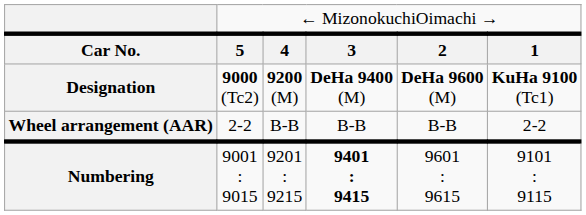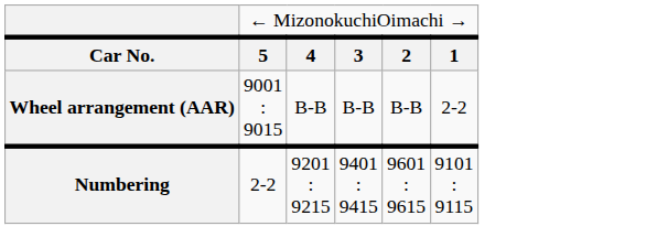 <table class="wikitable" style="text-align:center">
 <tr style="border-bottom: 4px solid ">
 <th></th>
 <td colspan="5"><span>← Mizonokuchi</span><span>Oimachi →</span></td>
 </tr>
 <tr>
 <th>Car No.</th>
 <th>5</th>
 <th>4</th>
 <th>3</th>
 <th>2</th>
 <th>1</th>
 </tr>
 <tr>
-<th>Designation</th>
-<td><strong> 9000</strong><br>(Tc2)</td>
-<td><strong> 9200</strong><br>(M)</td>
-<td><strong>DeHa 9400</strong><br>(M)</td>
-<td><strong>DeHa 9600</strong><br>(M)</td>
-<td><strong>KuHa 9100</strong><br>(Tc1)</td>
-</tr>
-<tr>
 <th>Wheel arrangement (AAR)</th>
-<td>2-2</td>
+<td>9001<br>:<br>9015</td>
 <td>B-B</td>
 <td>B-B</td>
 <td>B-B</td>
 <td>2-2</td>
 </tr>
 <tr style="border-top: 4px solid black">
 <th>Numbering</th>
-<td>9001<br>:<br>9015</td>
+<td>2-2</td>
 <td>9201<br>:<br>9215</td>
-<td><strong>9401<br>:<br>9415</strong></td>
+<td>9401<br>:<br>9415</td>
 <td>9601<br>:<br>9615</td>
 <td>9101<br>:<br>9115</td>
 </tr>
 </table>
